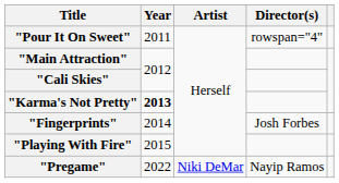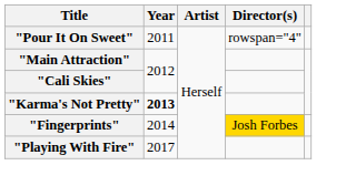 <table class="wikitable plainrowheaders" style="text-align:center;">
 <tr>
 <th scope="col">Title</th>
 <th scope="col">Year</th>
 <th scope="col">Artist</th>
 <th scope="col">Director(s)</th>
 <th scope="col"></th>
 </tr>
 <tr>
 <th scope="row">"Pour It On Sweet"</th>
 <td>2011</td>
 <td rowspan="6">Herself</td>
 <td>rowspan="4" </td>
 <td></td>
 </tr>
 <tr>
 <th scope="row">"Main Attraction"</th>
 <td rowspan="2">2012</td>
 <td></td>
 </tr>
 <tr>
 <th scope="row">"Cali Skies"</th>
 <td></td>
 </tr>
 <tr>
 <th scope="row">"Karma's Not Pretty"</th>
 <td><strong>2013</strong></td>
 <td></td>
 </tr>
 <tr>
 <th scope="row">"Fingerprints"</th>
 <td>2014</td>
-<td>Josh Forbes</td>
+<td style="background: gold;">Josh Forbes</td>
 <td></td>
 </tr>
 <tr>
 <th scope="row">"Playing With Fire"</th>
-<td>2015</td>
+<td>2017</td>
 <td></td>
 <td></td>
 </tr>
-<tr>
-<th scope="row">"Pregame"</th>
-<td>2022</td>
-<td><a href='#'>Niki DeMar</a></td>
-<td>Nayip Ramos</td>
-<td></td>
-</tr>
 </table>
